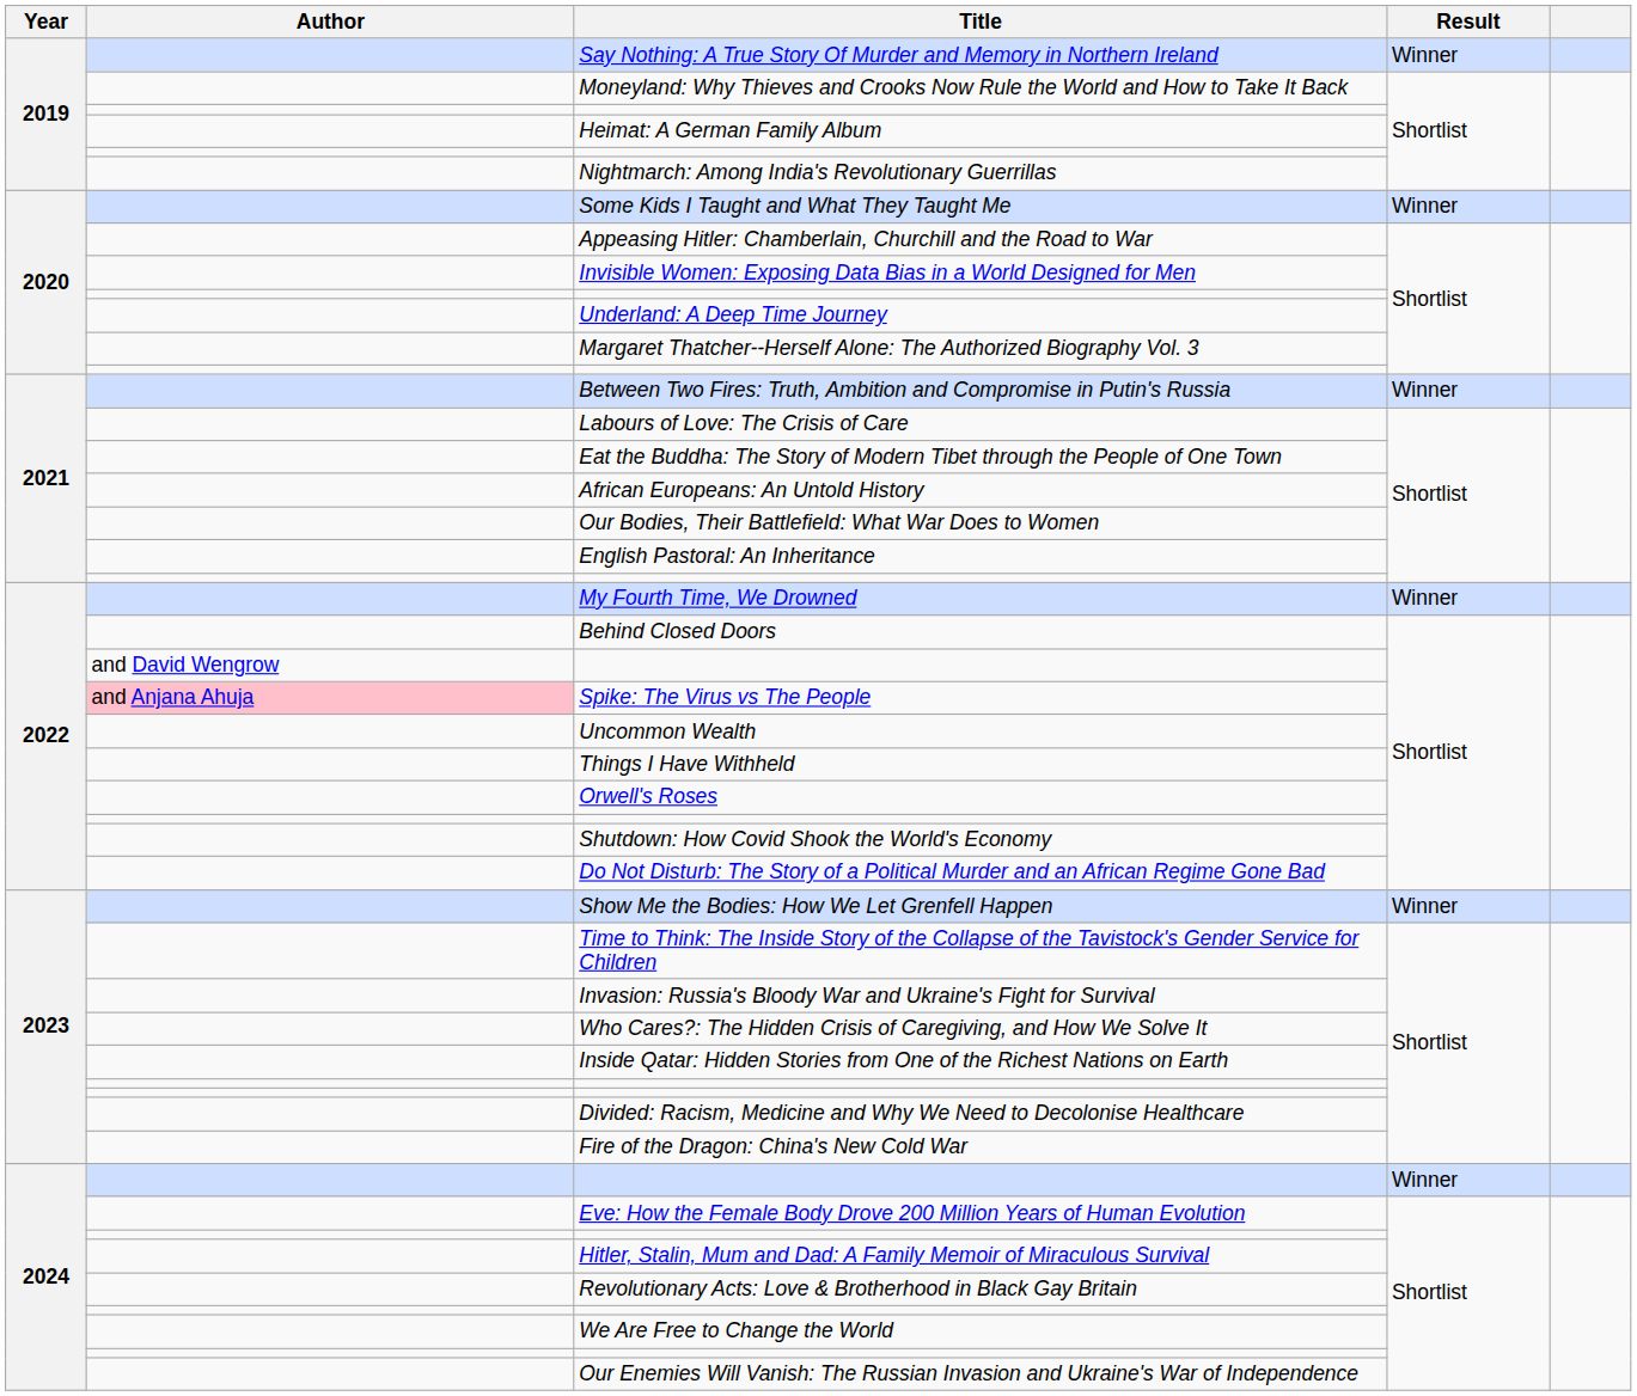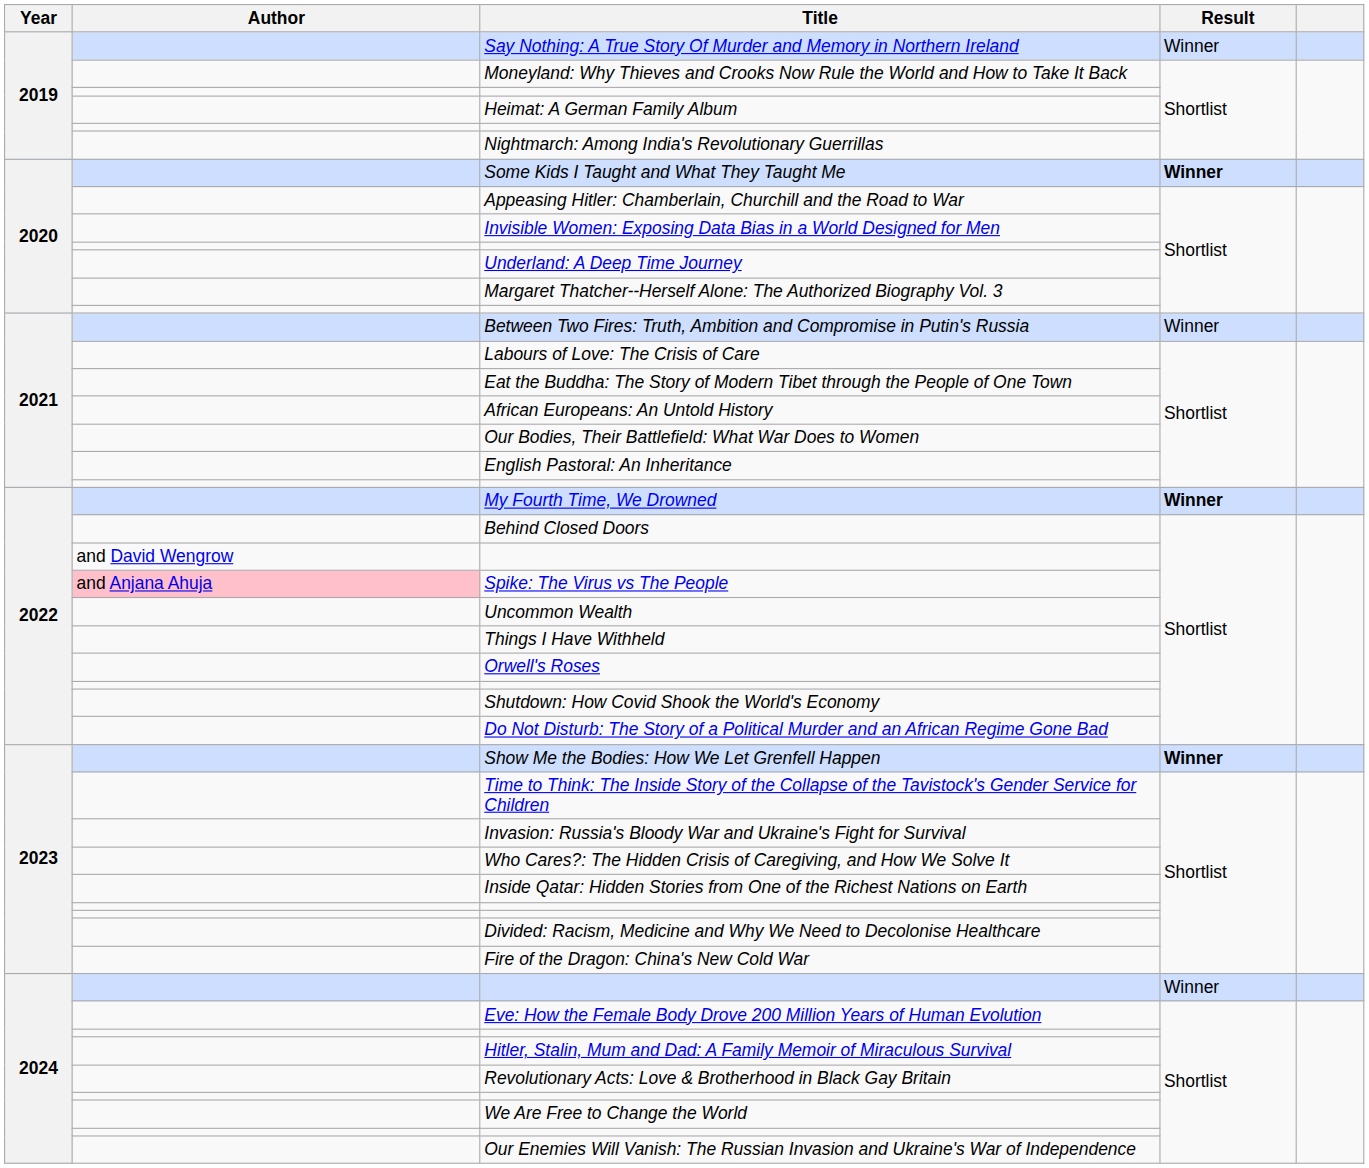 <table class="wikitable sortable mw-collapsible">
 <tr>
 <th scope="col" width="5%">Year</th>
 <th scope="col" width="30%">Author</th>
 <th scope="col" width="50%">Title</th>
 <th scope="col" width="10%">Result</th>
 <th scope="col" width="5%"></th>
 </tr>
 <tr style="background:#cddeff">
 <th rowspan="6">2019</th>
 <td></td>
 <td><em><a href='#'>Say Nothing: A True Story Of Murder and Memory in Northern Ireland</a></em></td>
 <td>Winner</td>
 <td></td>
 </tr>
 <tr>
 <td></td>
 <td><em>Moneyland: Why Thieves and Crooks Now Rule the World and How to Take It Back</em></td>
 <td rowspan="5">Shortlist</td>
 <td rowspan="5"></td>
 </tr>
 <tr>
 <td></td>
 <td></td>
 </tr>
 <tr>
 <td></td>
 <td><em>Heimat: A German Family Album</em></td>
 </tr>
 <tr>
 <td></td>
 <td></td>
 </tr>
 <tr>
 <td></td>
 <td><em>Nightmarch: Among India's Revolutionary Guerrillas</em></td>
 </tr>
 <tr style="background:#cddeff">
 <th rowspan="7">2020</th>
 <td></td>
 <td><em>Some Kids I Taught and What They Taught Me</em></td>
-<td>Winner</td>
+<td><strong>Winner</strong></td>
 <td></td>
 </tr>
 <tr>
 <td></td>
 <td><em>Appeasing Hitler: Chamberlain, Churchill and the Road to War</em></td>
 <td rowspan="6">Shortlist</td>
 <td rowspan="6"></td>
 </tr>
 <tr>
 <td></td>
 <td><em><a href='#'>Invisible Women: Exposing Data Bias in a World Designed for Men</a></em></td>
 </tr>
 <tr>
 <td></td>
 <td></td>
 </tr>
 <tr>
 <td></td>
 <td><em><a href='#'>Underland: A Deep Time Journey</a></em></td>
 </tr>
 <tr>
 <td></td>
 <td><em>Margaret Thatcher--Herself Alone: The Authorized Biography Vol. 3</em></td>
 </tr>
 <tr>
 <td></td>
 <td></td>
 </tr>
 <tr style="background:#cddeff">
 <th rowspan="7">2021</th>
 <td></td>
 <td><em>Between Two Fires: Truth, Ambition and Compromise in Putin's Russia</em></td>
 <td>Winner</td>
 <td></td>
 </tr>
 <tr>
 <td></td>
 <td><em>Labours of Love: The Crisis of Care</em></td>
 <td rowspan="6">Shortlist</td>
 <td rowspan="6"></td>
 </tr>
 <tr>
 <td></td>
 <td><em>Eat the Buddha: The Story of Modern Tibet through the People of One Town</em></td>
 </tr>
 <tr>
 <td></td>
 <td><em>African Europeans: An Untold History</em></td>
 </tr>
 <tr>
 <td></td>
 <td><em>Our Bodies, Their Battlefield: What War Does to Women</em></td>
 </tr>
 <tr>
 <td></td>
 <td><em>English Pastoral: An Inheritance</em></td>
 </tr>
 <tr>
 <td></td>
 <td></td>
 </tr>
 <tr style="background:#cddeff">
 <th rowspan="10">2022</th>
 <td></td>
 <td><em><a href='#'>My Fourth Time, We Drowned</a></em></td>
-<td>Winner</td>
+<td><strong>Winner</strong></td>
 <td></td>
 </tr>
 <tr>
 <td></td>
 <td><em>Behind Closed Doors</em></td>
 <td rowspan="9">Shortlist</td>
 <td rowspan="9"></td>
 </tr>
 <tr>
 <td> and <a href='#'>David Wengrow</a></td>
 <td></td>
 </tr>
 <tr>
 <td style="background: pink;"> and <a href='#'>Anjana Ahuja</a></td>
 <td><em><a href='#'>Spike: The Virus vs The People</a></em></td>
 </tr>
 <tr>
 <td></td>
 <td><em>Uncommon Wealth</em></td>
 </tr>
 <tr>
 <td></td>
 <td><em>Things I Have Withheld</em></td>
 </tr>
 <tr>
 <td></td>
 <td><em><a href='#'>Orwell's Roses</a></em></td>
 </tr>
 <tr>
 <td></td>
 <td></td>
 </tr>
 <tr>
 <td></td>
 <td><em>Shutdown: How Covid Shook the World's Economy</em></td>
 </tr>
 <tr>
 <td></td>
 <td><em><a href='#'>Do Not Disturb: The Story of a Political Murder and an African Regime Gone Bad</a></em></td>
 </tr>
 <tr style="background:#cddeff">
 <th rowspan="9">2023</th>
 <td></td>
 <td><em>Show Me the Bodies: How We Let Grenfell Happen</em></td>
-<td>Winner</td>
+<td><strong>Winner</strong></td>
 <td></td>
 </tr>
 <tr>
 <td></td>
 <td><em><a href='#'>Time to Think: The Inside Story of the Collapse of the Tavistock's Gender Service for Children</a></em></td>
 <td rowspan="8">Shortlist</td>
 <td rowspan="8"></td>
 </tr>
 <tr>
 <td></td>
 <td><em>Invasion: Russia's Bloody War and Ukraine's Fight for Survival</em></td>
 </tr>
 <tr>
 <td></td>
 <td><em>Who Cares?: The Hidden Crisis of Caregiving, and How We Solve It</em></td>
 </tr>
 <tr>
 <td></td>
 <td><em>Inside Qatar: Hidden Stories from One of the Richest Nations on Earth</em></td>
 </tr>
 <tr>
 <td></td>
 <td></td>
 </tr>
 <tr>
 <td></td>
 <td></td>
 </tr>
 <tr>
 <td></td>
 <td><em>Divided: Racism, Medicine and Why We Need to Decolonise Healthcare</em></td>
 </tr>
 <tr>
 <td></td>
 <td><em>Fire of the Dragon: China's New Cold War</em></td>
 </tr>
 <tr style="background:#cddeff">
 <th rowspan="9">2024</th>
 <td></td>
 <td><em></em></td>
 <td>Winner</td>
 <td></td>
 </tr>
 <tr>
 <td></td>
 <td><em><a href='#'>Eve: How the Female Body Drove 200 Million Years of Human Evolution</a></em></td>
 <td rowspan="8">Shortlist</td>
 <td rowspan="8"></td>
 </tr>
 <tr>
 <td></td>
 <td><em></em></td>
 </tr>
 <tr>
 <td></td>
 <td><em><a href='#'>Hitler, Stalin, Mum and Dad: A Family Memoir of Miraculous Survival</a></em></td>
 </tr>
 <tr>
 <td></td>
 <td><em>Revolutionary Acts: Love & Brotherhood in Black Gay Britain</em></td>
 </tr>
 <tr>
 <td></td>
 <td><em></em></td>
 </tr>
 <tr>
 <td></td>
 <td><em>We Are Free to Change the World</em></td>
 </tr>
 <tr>
 <td></td>
 <td></td>
 </tr>
 <tr>
 <td></td>
 <td><em>Our Enemies Will Vanish: The Russian Invasion and Ukraine's War of Independence</em></td>
 </tr>
 </table>
